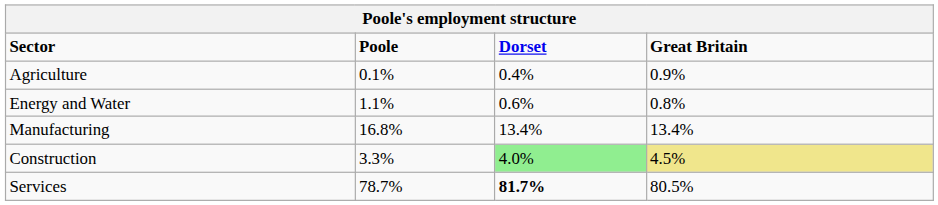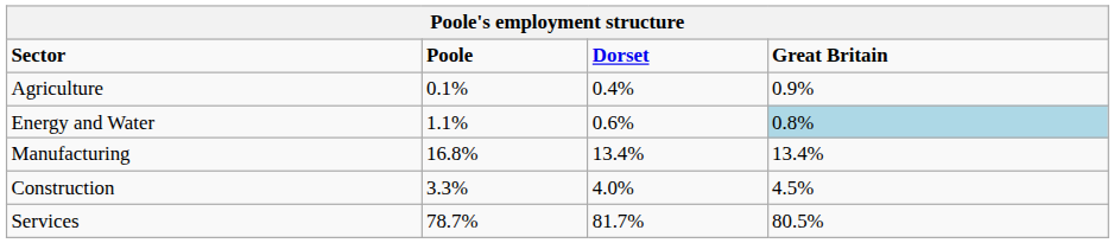 <table class="wikitable" id="toc" style="float: right; margin-left: 2em; width: 40%; font-size: 90%;" cellspacing="3">
 <tr>
 <th colspan="4"><strong>Poole's employment structure</strong></th>
 </tr>
 <tr>
 <td><strong>Sector</strong></td>
 <td><strong>Poole</strong></td>
 <td><strong><a href='#'>Dorset</a></strong></td>
 <td><strong>Great Britain</strong></td>
 </tr>
 <tr>
 <td>Agriculture</td>
 <td>0.1%</td>
 <td>0.4%</td>
 <td>0.9%</td>
 </tr>
 <tr>
 <td>Energy and Water</td>
 <td>1.1%</td>
 <td>0.6%</td>
-<td>0.8%</td>
+<td style="background: lightblue;">0.8%</td>
 </tr>
 <tr>
 <td>Manufacturing</td>
 <td>16.8%</td>
 <td>13.4%</td>
 <td>13.4%</td>
 </tr>
 <tr>
 <td>Construction</td>
 <td>3.3%</td>
-<td style="background: lightgreen;">4.0%</td>
-<td style="background: khaki;">4.5%</td>
+<td>4.0%</td>
+<td>4.5%</td>
 </tr>
 <tr>
 <td>Services</td>
 <td>78.7%</td>
-<td><strong>81.7%</strong></td>
+<td>81.7%</td>
 <td>80.5%</td>
 </tr>
 </table>
